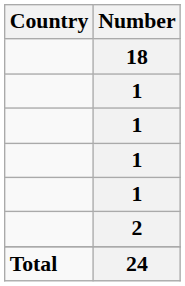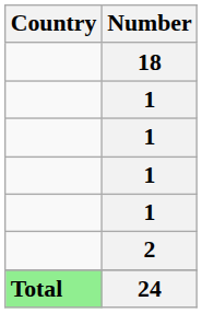 <table class="wikitable centre sortable">
 <tr>
 <th>Country</th>
 <th>Number</th>
 </tr>
 <tr>
 <td></td>
 <th>18</th>
 </tr>
 <tr>
 <td></td>
 <th>1</th>
 </tr>
 <tr>
 <td></td>
 <th>1</th>
 </tr>
 <tr>
 <td></td>
 <th>1</th>
 </tr>
 <tr>
 <td></td>
 <th>1</th>
 </tr>
 <tr>
 <td></td>
 <th>2</th>
 </tr>
 <tr>
 </tr>
 <tr class="sortbottom">
-<td><strong>Total</strong></td>
+<td style="background: lightgreen;"><strong>Total</strong></td>
 <th>24</th>
 </tr>
 </table>
